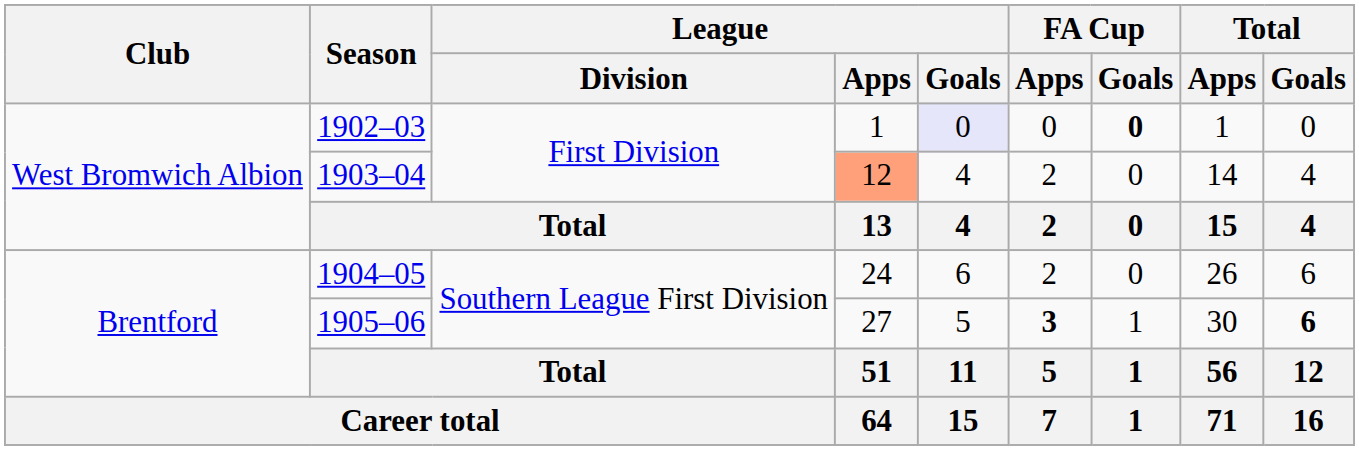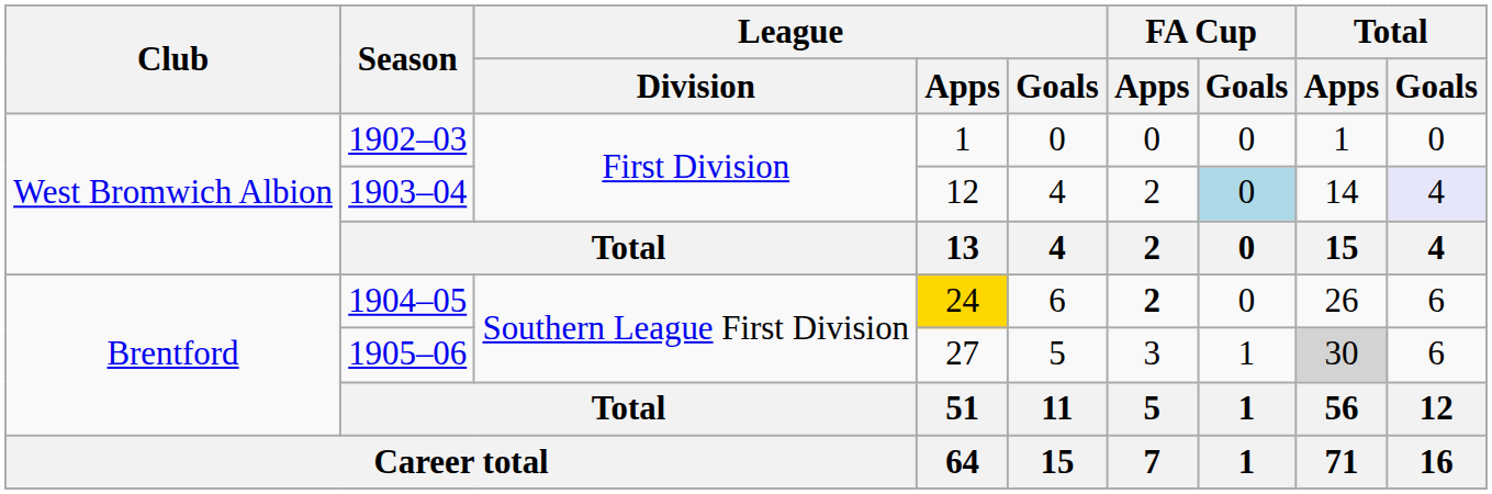 <table class="wikitable" style="text-align: center;">
 <tr>
 <th rowspan="2">Club</th>
 <th rowspan="2">Season</th>
 <th colspan="3">League</th>
 <th colspan="2">FA Cup</th>
 <th colspan="2">Total</th>
 </tr>
 <tr>
 <th>Division</th>
 <th>Apps</th>
 <th>Goals</th>
 <th>Apps</th>
 <th>Goals</th>
 <th>Apps</th>
 <th>Goals</th>
 </tr>
 <tr>
 <td rowspan="3"><a href='#'>West Bromwich Albion</a></td>
 <td><a href='#'>1902–03</a></td>
 <td rowspan="2"><a href='#'>First Division</a></td>
 <td>1</td>
-<td style="background: lavender;">0</td>
 <td>0</td>
-<td><strong>0</strong></td>
+<td>0</td>
+<td>0</td>
 <td>1</td>
 <td>0</td>
 </tr>
 <tr>
 <td><a href='#'>1903–04</a></td>
-<td style="background: lightsalmon;">12</td>
+<td>12</td>
 <td>4</td>
 <td>2</td>
-<td>0</td>
+<td style="background: lightblue;">0</td>
 <td>14</td>
-<td>4</td>
+<td style="background: lavender;">4</td>
 </tr>
 <tr>
 <th colspan="2">Total</th>
 <th>13</th>
 <th>4</th>
 <th>2</th>
 <th>0</th>
 <th>15</th>
 <th>4</th>
 </tr>
 <tr>
 <td rowspan="3"><a href='#'>Brentford</a></td>
 <td><a href='#'>1904–05</a></td>
 <td rowspan="2"><a href='#'>Southern League</a> First Division</td>
-<td>24</td>
+<td style="background: gold;">24</td>
 <td>6</td>
-<td>2</td>
+<td><strong>2</strong></td>
 <td>0</td>
 <td>26</td>
 <td>6</td>
 </tr>
 <tr>
 <td><a href='#'>1905–06</a></td>
 <td>27</td>
 <td>5</td>
-<td><strong>3</strong></td>
+<td>3</td>
 <td>1</td>
-<td>30</td>
-<td><strong>6</strong></td>
+<td style="background: lightgrey;">30</td>
+<td>6</td>
 </tr>
 <tr>
 <th colspan="2">Total</th>
 <th>51</th>
 <th>11</th>
 <th>5</th>
 <th>1</th>
 <th>56</th>
 <th>12</th>
 </tr>
 <tr>
 <th colspan="3">Career total</th>
 <th>64</th>
 <th>15</th>
 <th>7</th>
 <th>1</th>
 <th>71</th>
 <th>16</th>
 </tr>
 </table>
